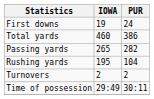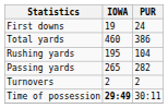 <table class="wikitable">
 <tr>
 <th>Statistics</th>
 <th>IOWA</th>
 <th>PUR</th>
 </tr>
 <tr>
 <td>First downs</td>
 <td>19</td>
 <td>24</td>
 </tr>
 <tr>
 <td>Total yards</td>
 <td>460</td>
 <td>386</td>
 </tr>
 <tr>
+<td>Rushing yards</td>
+<td>195</td>
+<td>104</td>
+</tr>
+<tr>
 <td>Passing yards</td>
 <td>265</td>
 <td>282</td>
-</tr>
-<tr>
-<td>Rushing yards</td>
-<td>195</td>
-<td>104</td>
 </tr>
 <tr>
 <td>Turnovers</td>
 <td>2</td>
 <td>2</td>
 </tr>
 <tr>
 <td>Time of possession</td>
-<td>29:49</td>
+<td><strong>29:49</strong></td>
 <td>30:11</td>
 </tr>
 <tr>
 </tr>
 </table>
